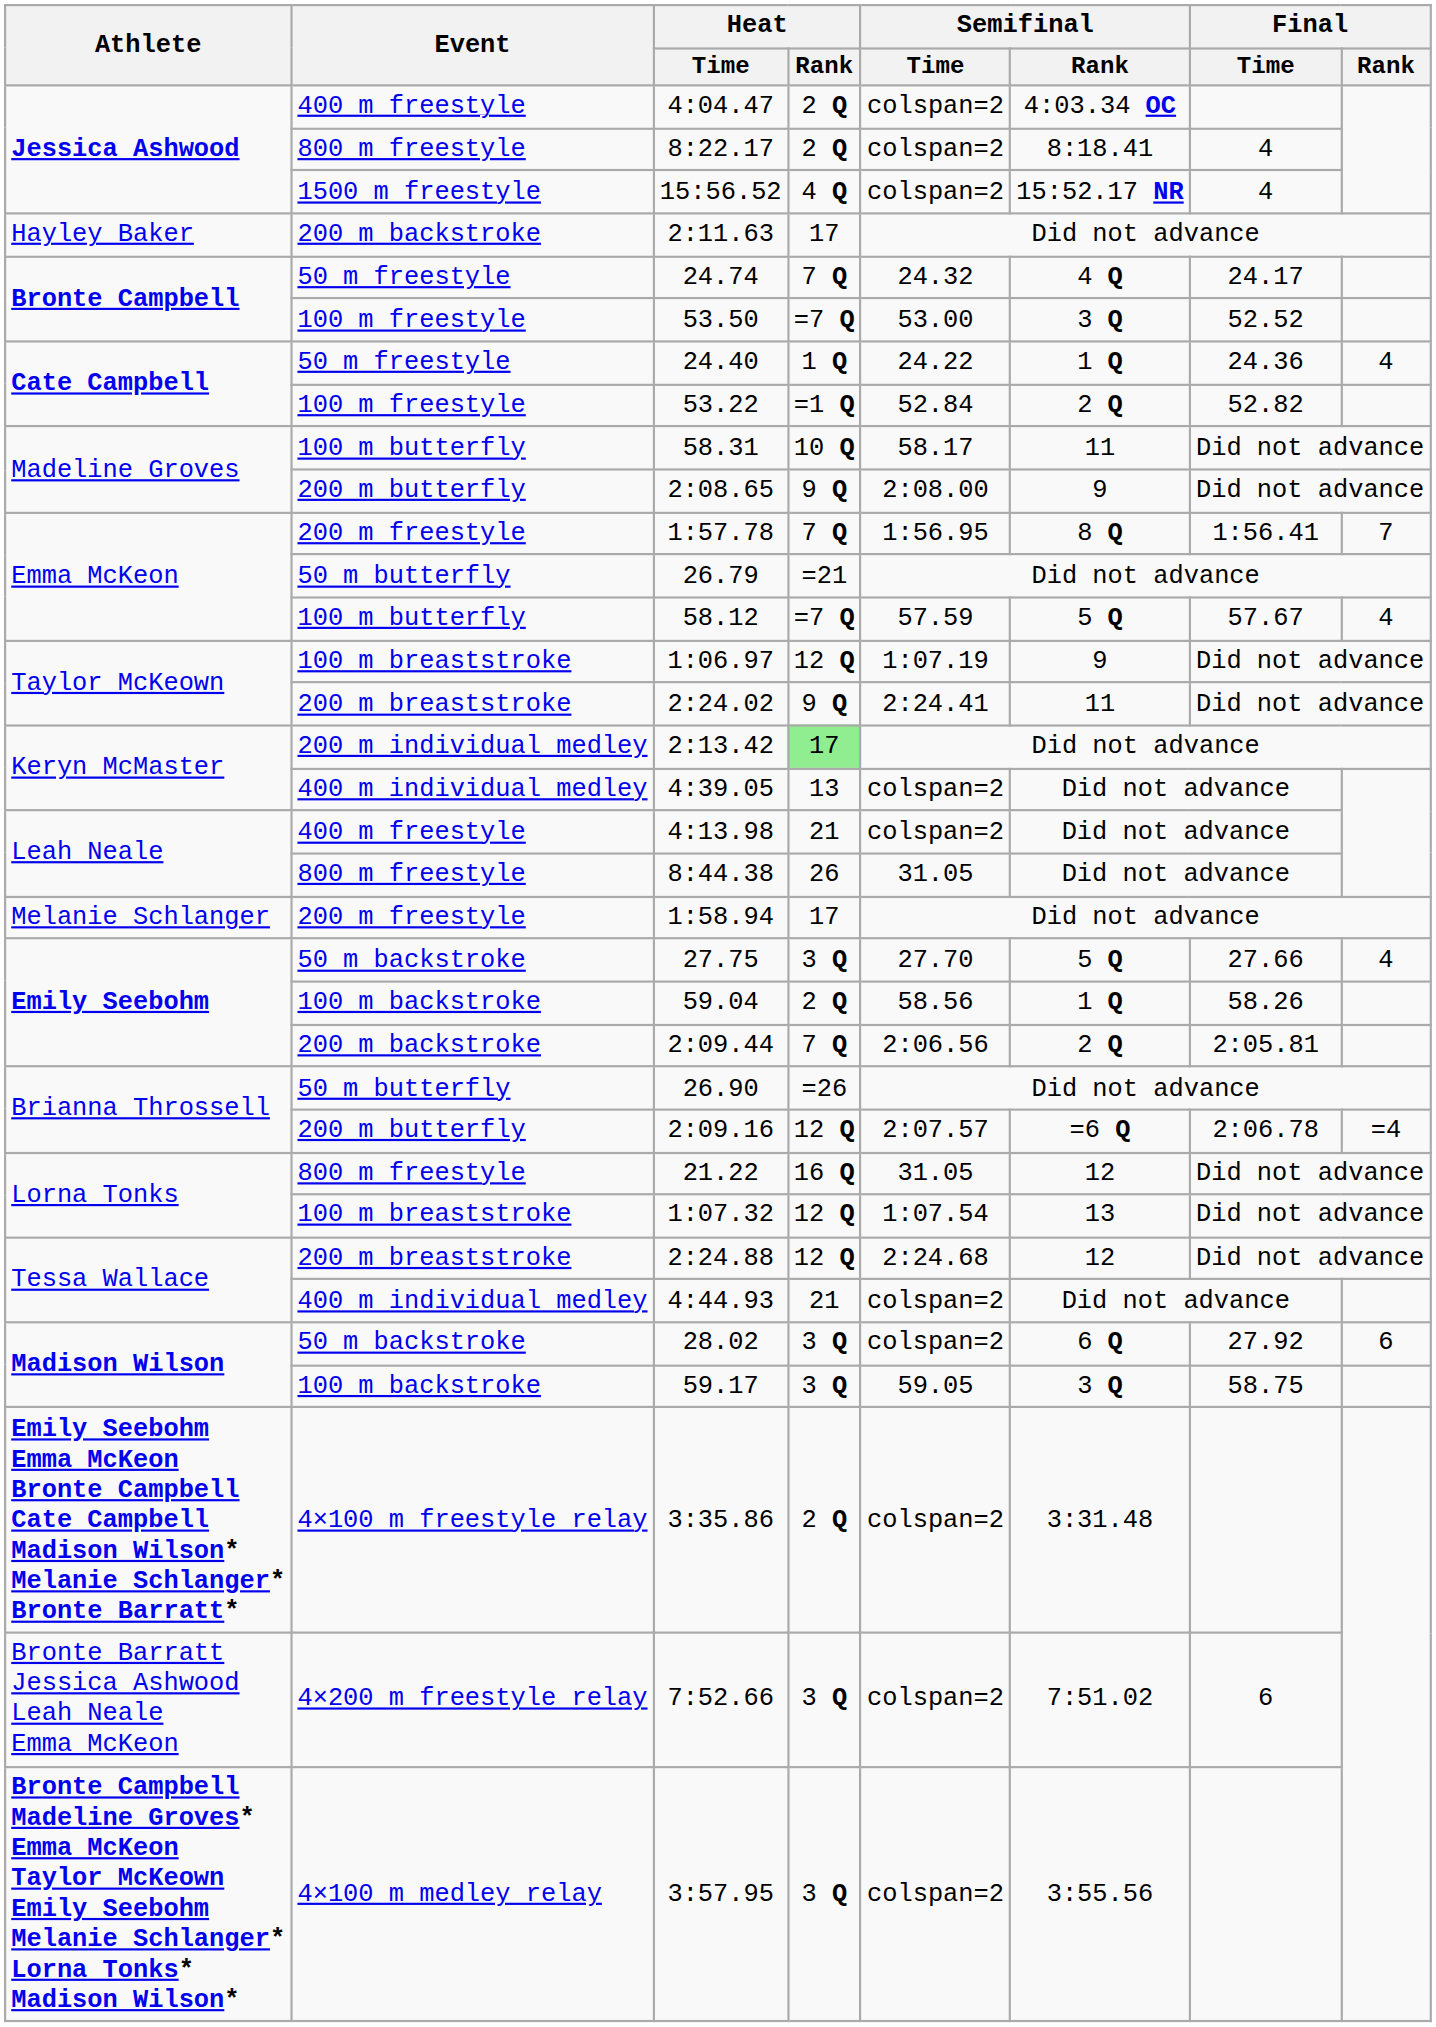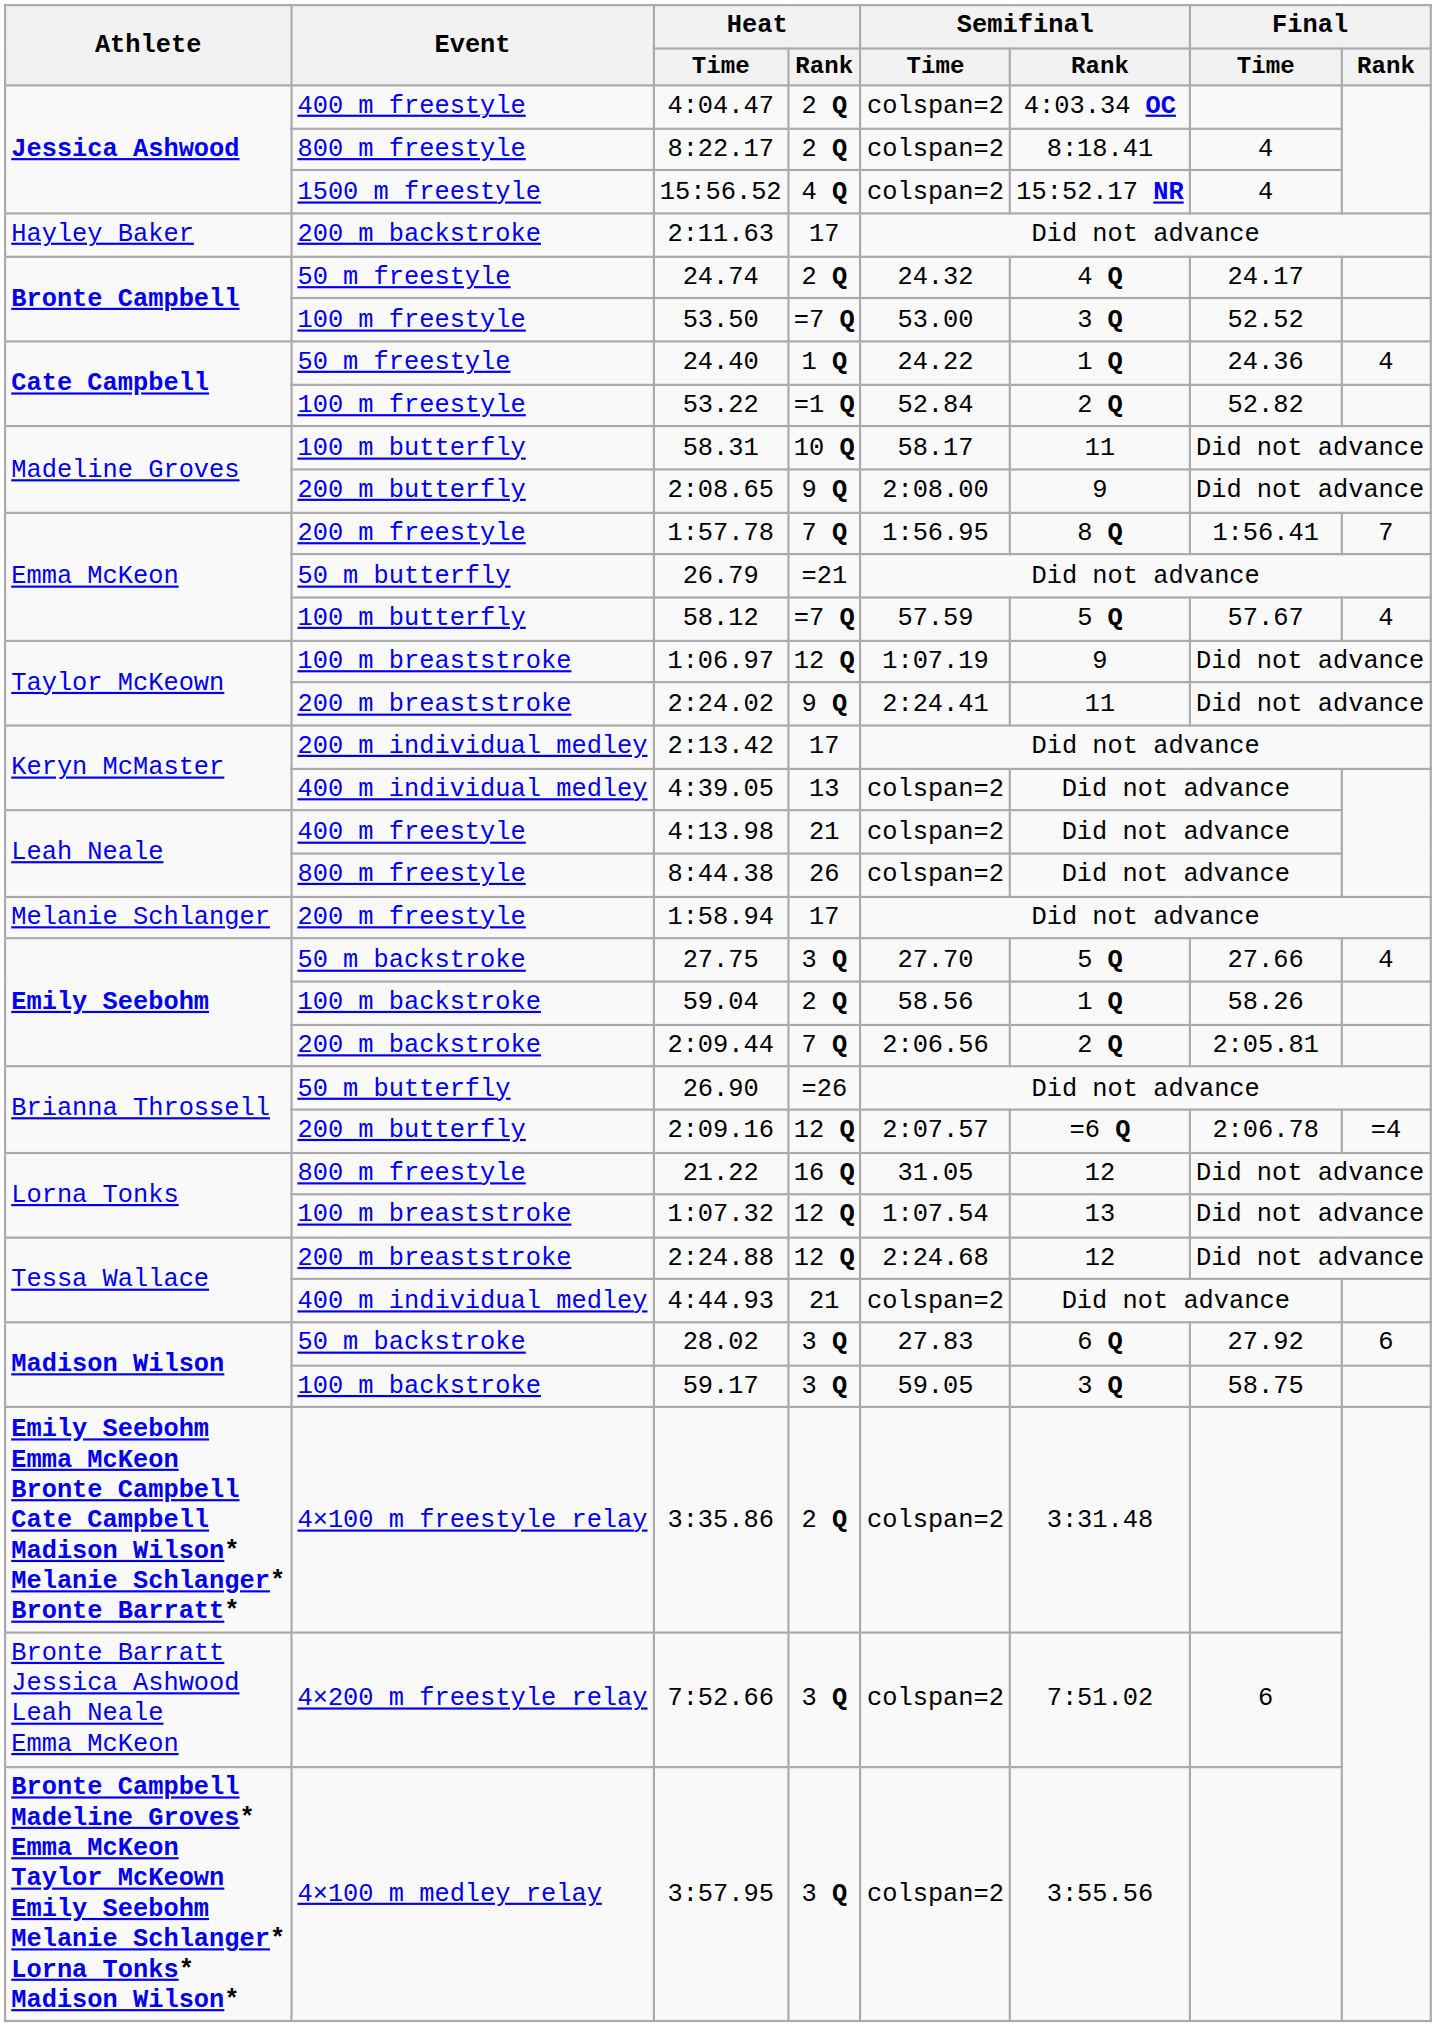 <table class=wikitable style="font-size:90%">
 <tr>
 <th rowspan="2">Athlete</th>
 <th rowspan="2">Event</th>
 <th colspan="2">Heat</th>
 <th colspan="2">Semifinal</th>
 <th colspan="2">Final</th>
 </tr>
 <tr style="font-size:95%">
 <th>Time</th>
 <th>Rank</th>
 <th>Time</th>
 <th>Rank</th>
 <th>Time</th>
 <th>Rank</th>
 </tr>
 <tr align=center>
 <td align=left rowspan=3><strong><a href='#'>Jessica Ashwood</a></strong></td>
 <td align=left><a href='#'>400 m freestyle</a></td>
 <td>4:04.47</td>
 <td>2 <strong>Q</strong></td>
 <td>colspan=2 </td>
 <td>4:03.34 <strong><a href='#'>OC</a></strong></td>
 <td></td>
 </tr>
 <tr align=center>
 <td align=left><a href='#'>800 m freestyle</a></td>
 <td>8:22.17</td>
 <td>2 <strong>Q</strong></td>
 <td>colspan=2 </td>
 <td>8:18.41</td>
 <td>4</td>
 </tr>
 <tr align=center>
 <td align=left><a href='#'>1500 m freestyle</a></td>
 <td>15:56.52</td>
 <td>4 <strong>Q</strong></td>
 <td>colspan=2 </td>
 <td>15:52.17 <strong><a href='#'>NR</a></strong></td>
 <td>4</td>
 </tr>
 <tr align=center>
 <td align=left><a href='#'>Hayley Baker</a></td>
 <td align=left><a href='#'>200 m backstroke</a></td>
 <td>2:11.63</td>
 <td>17</td>
 <td colspan=4>Did not advance</td>
 </tr>
 <tr align=center>
 <td align=left rowspan=2><strong><a href='#'>Bronte Campbell</a></strong></td>
 <td align=left><a href='#'>50 m freestyle</a></td>
 <td>24.74</td>
-<td>7 <strong>Q</strong></td>
+<td>2 <strong>Q</strong></td>
 <td>24.32</td>
 <td>4 <strong>Q</strong></td>
 <td>24.17</td>
 <td></td>
 </tr>
 <tr align=center>
 <td align=left><a href='#'>100 m freestyle</a></td>
 <td>53.50</td>
 <td>=7 <strong>Q</strong></td>
 <td>53.00</td>
 <td>3 <strong>Q</strong></td>
 <td>52.52</td>
 <td></td>
 </tr>
 <tr align=center>
 <td align=left rowspan=2><strong><a href='#'>Cate Campbell</a></strong></td>
 <td align=left><a href='#'>50 m freestyle</a></td>
 <td>24.40</td>
 <td>1 <strong>Q</strong></td>
 <td>24.22</td>
 <td>1 <strong>Q</strong></td>
 <td>24.36</td>
 <td>4</td>
 </tr>
 <tr align=center>
 <td align=left><a href='#'>100 m freestyle</a></td>
 <td>53.22</td>
 <td>=1 <strong>Q</strong></td>
 <td>52.84</td>
 <td>2 <strong>Q</strong></td>
 <td>52.82</td>
 <td></td>
 </tr>
 <tr align=center>
 <td align=left rowspan=2><a href='#'>Madeline Groves</a></td>
 <td align=left><a href='#'>100 m butterfly</a></td>
 <td>58.31</td>
 <td>10 <strong>Q</strong></td>
 <td>58.17</td>
 <td>11</td>
 <td colspan=2>Did not advance</td>
 </tr>
 <tr align=center>
 <td align=left><a href='#'>200 m butterfly</a></td>
 <td>2:08.65</td>
 <td>9 <strong>Q</strong></td>
 <td>2:08.00</td>
 <td>9</td>
 <td colspan=2>Did not advance</td>
 </tr>
 <tr align=center>
 <td align=left rowspan=3><a href='#'>Emma McKeon</a></td>
 <td align=left><a href='#'>200 m freestyle</a></td>
 <td>1:57.78</td>
 <td>7 <strong>Q</strong></td>
 <td>1:56.95</td>
 <td>8 <strong>Q</strong></td>
 <td>1:56.41</td>
 <td>7</td>
 </tr>
 <tr align=center>
 <td align=left><a href='#'>50 m butterfly</a></td>
 <td>26.79</td>
 <td>=21</td>
 <td colspan=4>Did not advance</td>
 </tr>
 <tr align=center>
 <td align=left><a href='#'>100 m butterfly</a></td>
 <td>58.12</td>
 <td>=7 <strong>Q</strong></td>
 <td>57.59</td>
 <td>5 <strong>Q</strong></td>
 <td>57.67</td>
 <td>4</td>
 </tr>
 <tr align=center>
 <td align=left rowspan=2><a href='#'>Taylor McKeown</a></td>
 <td align=left><a href='#'>100 m breaststroke</a></td>
 <td>1:06.97</td>
 <td>12 <strong>Q</strong></td>
 <td>1:07.19</td>
 <td>9</td>
 <td colspan=2>Did not advance</td>
 </tr>
 <tr align=center>
 <td align=left><a href='#'>200 m breaststroke</a></td>
 <td>2:24.02</td>
 <td>9 <strong>Q</strong></td>
 <td>2:24.41</td>
 <td>11</td>
 <td colspan=2>Did not advance</td>
 </tr>
 <tr align=center>
 <td align=left rowspan=2><a href='#'>Keryn McMaster</a></td>
 <td align=left><a href='#'>200 m individual medley</a></td>
 <td>2:13.42</td>
-<td style="background: lightgreen;">17</td>
+<td>17</td>
 <td colspan=4>Did not advance</td>
 </tr>
 <tr align=center>
 <td align=left><a href='#'>400 m individual medley</a></td>
 <td>4:39.05</td>
 <td>13</td>
 <td>colspan=2 </td>
 <td colspan=2>Did not advance</td>
 </tr>
 <tr align=center>
 <td align=left rowspan=2><a href='#'>Leah Neale</a></td>
 <td align=left><a href='#'>400 m freestyle</a></td>
 <td>4:13.98</td>
 <td>21</td>
 <td>colspan=2 </td>
 <td colspan=2>Did not advance</td>
 </tr>
 <tr align=center>
 <td align=left><a href='#'>800 m freestyle</a></td>
 <td>8:44.38</td>
 <td>26</td>
-<td>31.05</td>
+<td>colspan=2 </td>
 <td colspan=2>Did not advance</td>
 </tr>
 <tr align=center>
 <td align=left><a href='#'>Melanie Schlanger</a></td>
 <td align=left><a href='#'>200 m freestyle</a></td>
 <td>1:58.94</td>
 <td>17</td>
 <td colspan=4>Did not advance</td>
 </tr>
 <tr align=center>
 <td align=left rowspan=3><strong><a href='#'>Emily Seebohm</a></strong></td>
 <td align=left><a href='#'>50 m backstroke</a></td>
 <td>27.75</td>
 <td>3 <strong>Q</strong></td>
 <td>27.70</td>
 <td>5 <strong>Q</strong></td>
 <td>27.66</td>
 <td>4</td>
 </tr>
 <tr align=center>
 <td align=left><a href='#'>100 m backstroke</a></td>
 <td>59.04</td>
 <td>2 <strong>Q</strong></td>
 <td>58.56</td>
 <td>1 <strong>Q</strong></td>
 <td>58.26</td>
 <td></td>
 </tr>
 <tr align=center>
 <td align=left><a href='#'>200 m backstroke</a></td>
 <td>2:09.44</td>
 <td>7 <strong>Q</strong></td>
 <td>2:06.56</td>
 <td>2 <strong>Q</strong></td>
 <td>2:05.81</td>
 <td></td>
 </tr>
 <tr align=center>
 <td align=left rowspan=2><a href='#'>Brianna Throssell</a></td>
 <td align=left><a href='#'>50 m butterfly</a></td>
 <td>26.90</td>
 <td>=26</td>
 <td colspan=4>Did not advance</td>
 </tr>
 <tr align=center>
 <td align=left><a href='#'>200 m butterfly</a></td>
 <td>2:09.16</td>
 <td>12 <strong>Q</strong></td>
 <td>2:07.57</td>
 <td>=6 <strong>Q</strong></td>
 <td>2:06.78</td>
 <td>=4</td>
 </tr>
 <tr align=center>
 <td align=left rowspan=2><a href='#'>Lorna Tonks</a></td>
 <td align=left><a href='#'>800 m freestyle</a></td>
 <td>21.22</td>
 <td>16 <strong>Q</strong></td>
 <td>31.05</td>
 <td>12</td>
 <td colspan=2>Did not advance</td>
 </tr>
 <tr align=center>
 <td align=left><a href='#'>100 m breaststroke</a></td>
 <td>1:07.32</td>
 <td>12 <strong>Q</strong></td>
 <td>1:07.54</td>
 <td>13</td>
 <td colspan=2>Did not advance</td>
 </tr>
 <tr align=center>
 <td align=left rowspan=2><a href='#'>Tessa Wallace</a></td>
 <td align=left><a href='#'>200 m breaststroke</a></td>
 <td>2:24.88</td>
 <td>12 <strong>Q</strong></td>
 <td>2:24.68</td>
 <td>12</td>
 <td colspan=2>Did not advance</td>
 </tr>
 <tr align=center>
 <td align=left><a href='#'>400 m individual medley</a></td>
 <td>4:44.93</td>
 <td>21</td>
 <td>colspan=2 </td>
 <td colspan=2>Did not advance</td>
 </tr>
 <tr align=center>
 <td align=left rowspan=2><strong><a href='#'>Madison Wilson</a></strong></td>
 <td align=left><a href='#'>50 m backstroke</a></td>
 <td>28.02</td>
 <td>3 <strong>Q</strong></td>
-<td>colspan=2 </td>
+<td>27.83</td>
 <td>6 <strong>Q</strong></td>
 <td>27.92</td>
 <td>6</td>
 </tr>
 <tr align=center>
 <td align=left><a href='#'>100 m backstroke</a></td>
 <td>59.17</td>
 <td>3 <strong>Q</strong></td>
 <td>59.05</td>
 <td>3 <strong>Q</strong></td>
 <td>58.75</td>
 <td></td>
 </tr>
 <tr align=center>
 <td align=left><strong><a href='#'>Emily Seebohm</a><br><a href='#'>Emma McKeon</a><br><a href='#'>Bronte Campbell</a><br><a href='#'>Cate Campbell</a><br><a href='#'>Madison Wilson</a>*<br><a href='#'>Melanie Schlanger</a>*<br><a href='#'>Bronte Barratt</a>*</strong></td>
 <td align=left><a href='#'>4×100 m freestyle relay</a></td>
 <td>3:35.86</td>
 <td>2 <strong>Q</strong></td>
 <td>colspan=2 </td>
 <td>3:31.48</td>
 <td></td>
 </tr>
 <tr align=center>
 <td align=left><a href='#'>Bronte Barratt</a><br><a href='#'>Jessica Ashwood</a><br><a href='#'>Leah Neale</a><br><a href='#'>Emma McKeon</a></td>
 <td align=left><a href='#'>4×200 m freestyle relay</a></td>
 <td>7:52.66</td>
 <td>3 <strong>Q</strong></td>
 <td>colspan=2 </td>
 <td>7:51.02</td>
 <td>6</td>
 </tr>
 <tr align=center>
 <td align=left><strong><a href='#'>Bronte Campbell</a><br><a href='#'>Madeline Groves</a>*<br><a href='#'>Emma McKeon</a><br><a href='#'>Taylor McKeown</a><br><a href='#'>Emily Seebohm</a><br><a href='#'>Melanie Schlanger</a>*<br><a href='#'>Lorna Tonks</a>*<br><a href='#'>Madison Wilson</a>*</strong></td>
 <td align=left><a href='#'>4×100 m medley relay</a></td>
 <td>3:57.95</td>
 <td>3 <strong>Q</strong></td>
 <td>colspan=2 </td>
 <td>3:55.56</td>
 <td></td>
 </tr>
 </table>
